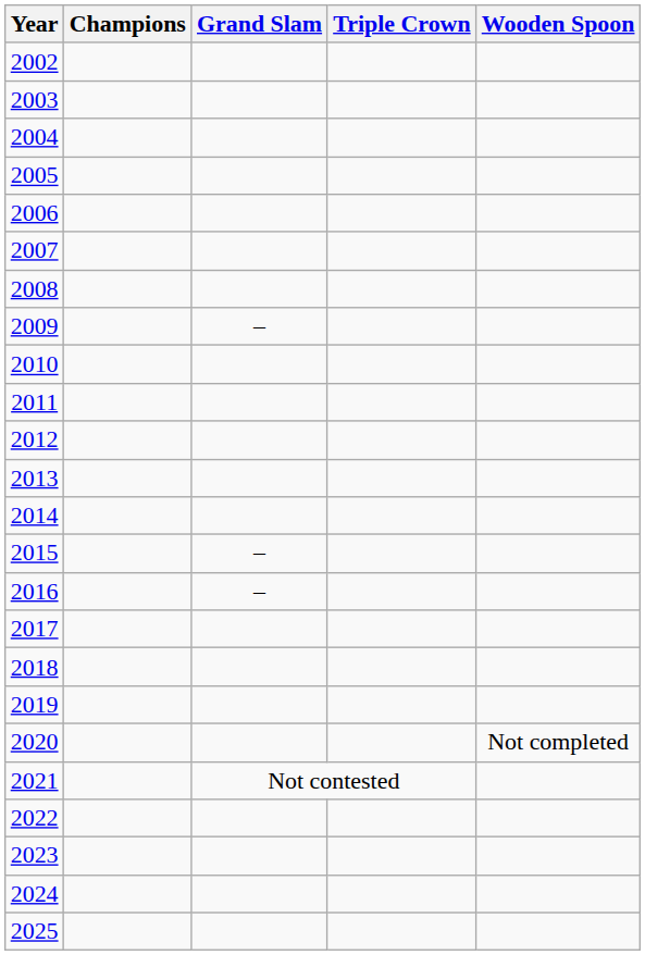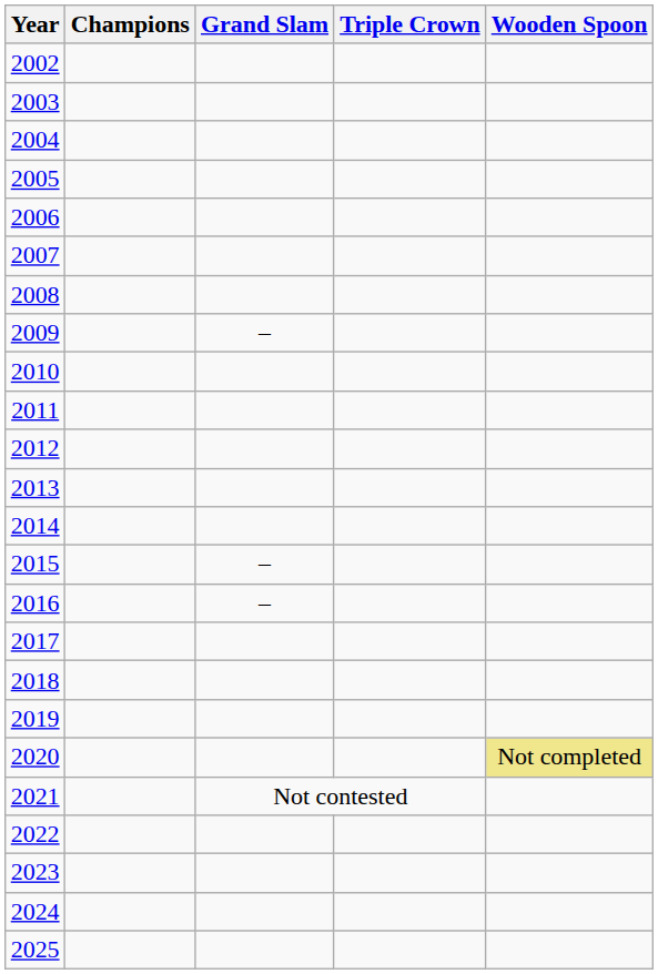 <table class="wikitable" style="text-align:center">
 <tr>
 <th>Year</th>
 <th>Champions</th>
 <th><a href='#'>Grand Slam</a></th>
 <th><a href='#'>Triple Crown</a></th>
 <th><a href='#'>Wooden Spoon</a></th>
 </tr>
 <tr>
 <td><a href='#'>2002</a></td>
 <td></td>
 <td></td>
 <td></td>
 <td></td>
 </tr>
 <tr>
 <td><a href='#'>2003</a></td>
 <td></td>
 <td></td>
 <td></td>
 <td></td>
 </tr>
 <tr>
 <td><a href='#'>2004</a></td>
 <td></td>
 <td></td>
 <td></td>
 <td></td>
 </tr>
 <tr>
 <td><a href='#'>2005</a></td>
 <td></td>
 <td></td>
 <td></td>
 <td></td>
 </tr>
 <tr>
 <td><a href='#'>2006</a></td>
 <td></td>
 <td></td>
 <td></td>
 <td></td>
 </tr>
 <tr>
 <td><a href='#'>2007</a></td>
 <td></td>
 <td></td>
 <td></td>
 <td></td>
 </tr>
 <tr>
 <td><a href='#'>2008</a></td>
 <td></td>
 <td></td>
 <td></td>
 <td></td>
 </tr>
 <tr>
 <td><a href='#'>2009</a></td>
 <td></td>
 <td>–</td>
 <td></td>
 <td></td>
 </tr>
 <tr>
 <td><a href='#'>2010</a></td>
 <td></td>
 <td></td>
 <td></td>
 <td></td>
 </tr>
 <tr>
 <td><a href='#'>2011</a></td>
 <td></td>
 <td></td>
 <td></td>
 <td></td>
 </tr>
 <tr>
 <td><a href='#'>2012</a></td>
 <td></td>
 <td></td>
 <td></td>
 <td></td>
 </tr>
 <tr>
 <td><a href='#'>2013</a></td>
 <td></td>
 <td></td>
 <td></td>
 <td></td>
 </tr>
 <tr>
 <td><a href='#'>2014</a></td>
 <td></td>
 <td></td>
 <td></td>
 <td></td>
 </tr>
 <tr>
 <td><a href='#'>2015</a></td>
 <td></td>
 <td>–</td>
 <td></td>
 <td></td>
 </tr>
 <tr>
 <td><a href='#'>2016</a></td>
 <td></td>
 <td>–</td>
 <td></td>
 <td></td>
 </tr>
 <tr>
 <td><a href='#'>2017</a></td>
 <td></td>
 <td></td>
 <td></td>
 <td></td>
 </tr>
 <tr>
 <td><a href='#'>2018</a></td>
 <td></td>
 <td></td>
 <td></td>
 <td></td>
 </tr>
 <tr>
 <td><a href='#'>2019</a></td>
 <td></td>
 <td></td>
 <td></td>
 <td></td>
 </tr>
 <tr>
 <td><a href='#'>2020</a></td>
 <td></td>
 <td></td>
 <td></td>
-<td>Not completed</td>
+<td style="background: khaki;">Not completed</td>
 </tr>
 <tr>
 <td><a href='#'>2021</a></td>
 <td></td>
 <td colspan=2>Not contested</td>
 <td></td>
 </tr>
 <tr>
 <td><a href='#'>2022</a></td>
 <td></td>
 <td></td>
 <td></td>
 <td></td>
 </tr>
 <tr>
 <td><a href='#'>2023</a></td>
 <td></td>
 <td></td>
 <td></td>
 <td></td>
 </tr>
 <tr>
 <td><a href='#'>2024</a></td>
 <td></td>
 <td></td>
 <td></td>
 <td></td>
 </tr>
 <tr>
 <td><a href='#'>2025</a></td>
 <td></td>
 <td></td>
 <td></td>
 <td></td>
 </tr>
 </table>
